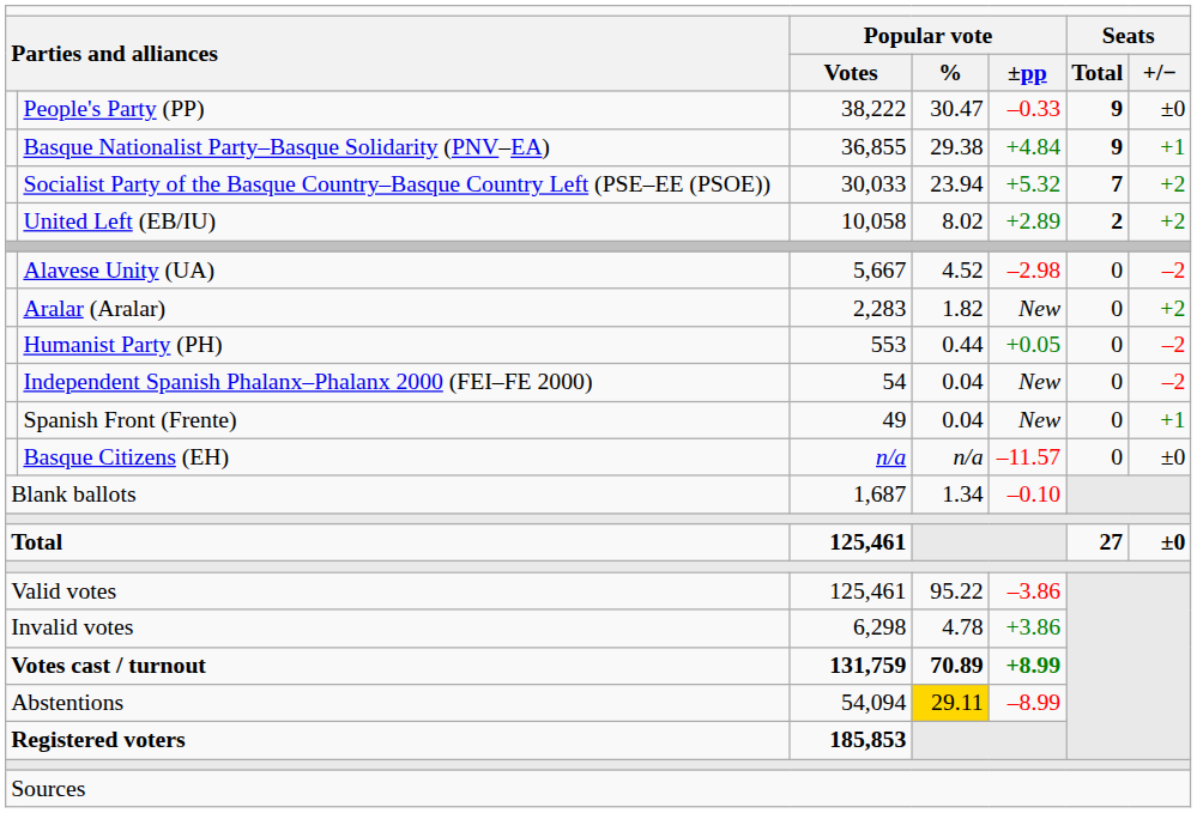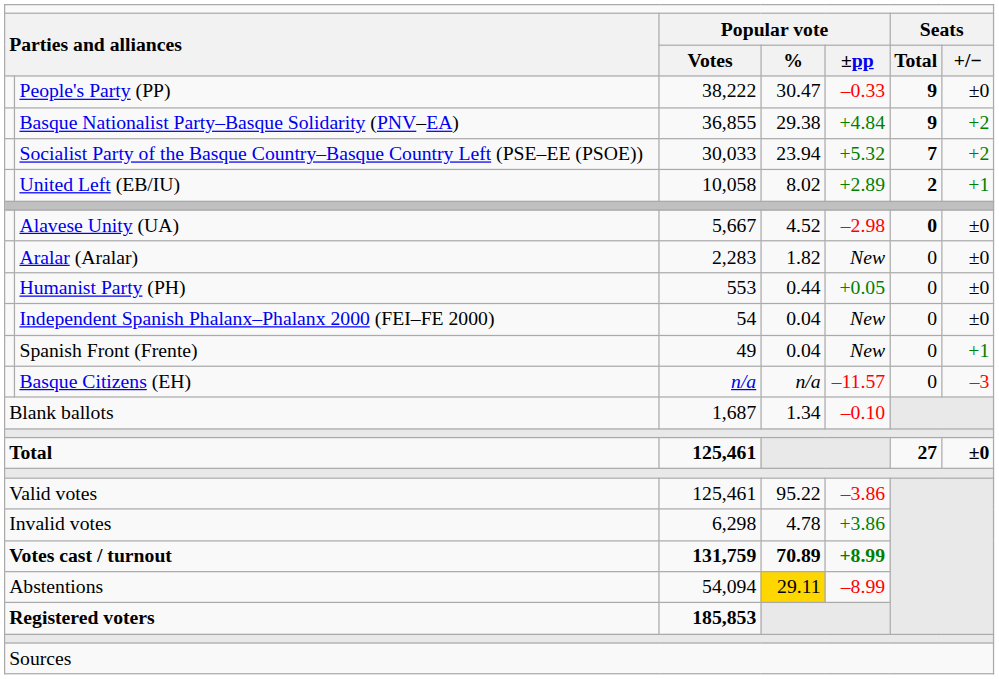 <table class="wikitable" style="text-align:right;">
 <tr>
 <td colspan="7"></td>
 </tr>
 <tr>
 <th style="text-align:left;" rowspan="2" colspan="2" width="525">Parties and alliances</th>
 <th colspan="3">Popular vote</th>
 <th colspan="2">Seats</th>
 </tr>
 <tr>
 <th width="75">Votes</th>
 <th width="45">%</th>
 <th width="45">±<a href='#'>pp</a></th>
 <th width="35">Total</th>
 <th width="35">+/−</th>
 </tr>
 <tr>
 <td width="1" style="color:inherit;background:"></td>
 <td align="left"><a href='#'>People's Party</a> (PP)</td>
 <td>38,222</td>
 <td>30.47</td>
 <td style="color:red;">–0.33</td>
 <td><strong>9</strong></td>
 <td>±0</td>
 </tr>
 <tr>
 <td style="color:inherit;background:"></td>
 <td align="left"><a href='#'>Basque Nationalist Party–Basque Solidarity</a> (<a href='#'>PNV</a>–<a href='#'>EA</a>)</td>
 <td>36,855</td>
 <td>29.38</td>
 <td style="color:green;">+4.84</td>
 <td><strong>9</strong></td>
-<td style="color:green;">+1</td>
+<td style="color:green;">+2</td>
 </tr>
 <tr>
 <td style="color:inherit;background:"></td>
 <td align="left"><a href='#'>Socialist Party of the Basque Country–Basque Country Left</a> (PSE–EE (PSOE))</td>
 <td>30,033</td>
 <td>23.94</td>
 <td style="color:green;">+5.32</td>
 <td><strong>7</strong></td>
 <td style="color:green;">+2</td>
 </tr>
 <tr>
 <td style="color:inherit;background:"></td>
 <td align="left"><a href='#'>United Left</a> (EB/IU)</td>
 <td>10,058</td>
 <td>8.02</td>
 <td style="color:green;">+2.89</td>
 <td><strong>2</strong></td>
-<td style="color:green;">+2</td>
+<td style="color:green;">+1</td>
 </tr>
 <tr>
 <td colspan="7" style="color:inherit;background:#C0C0C0"></td>
 </tr>
 <tr>
 <td style="color:inherit;background:"></td>
 <td align="left"><a href='#'>Alavese Unity</a> (UA)</td>
 <td>5,667</td>
 <td>4.52</td>
 <td style="color:red;">–2.98</td>
-<td>0</td>
-<td style="color:red;">–2</td>
+<td><strong>0</strong></td>
+<td>±0</td>
 </tr>
 <tr>
 <td style="color:inherit;background:"></td>
 <td align="left"><a href='#'>Aralar</a> (Aralar)</td>
 <td>2,283</td>
 <td>1.82</td>
 <td><em>New</em></td>
 <td>0</td>
-<td style="color:green;">+2</td>
+<td>±0</td>
 </tr>
 <tr>
 <td style="color:inherit;background:"></td>
 <td align="left"><a href='#'>Humanist Party</a> (PH)</td>
 <td>553</td>
 <td>0.44</td>
 <td style="color:green;">+0.05</td>
 <td>0</td>
-<td style="color:red;">–2</td>
+<td>±0</td>
 </tr>
 <tr>
 <td style="color:inherit;background:"></td>
 <td align="left"><a href='#'>Independent Spanish Phalanx–Phalanx 2000</a> (FEI–FE 2000)</td>
 <td>54</td>
 <td>0.04</td>
 <td><em>New</em></td>
 <td>0</td>
-<td style="color:red;">–2</td>
+<td>±0</td>
 </tr>
 <tr>
 <td style="color:inherit;background:"></td>
 <td align="left">Spanish Front (Frente)</td>
 <td>49</td>
 <td>0.04</td>
 <td><em>New</em></td>
 <td>0</td>
 <td style="color:green;">+1</td>
 </tr>
 <tr>
 <td style="color:inherit;background:"></td>
 <td align="left"><a href='#'>Basque Citizens</a> (EH)</td>
 <td><em><a href='#'>n/a</a></em></td>
 <td><em>n/a</em></td>
 <td style="color:red;">–11.57</td>
 <td>0</td>
-<td>±0</td>
+<td style="color:red;">–3</td>
 </tr>
 <tr>
 <td align="left" colspan="2">Blank ballots</td>
 <td>1,687</td>
 <td>1.34</td>
 <td style="color:red;">–0.10</td>
 <td style="color:inherit;background:#E9E9E9" colspan="2"></td>
 </tr>
 <tr>
 <td colspan="7" style="color:inherit;background:#E9E9E9"></td>
 </tr>
 <tr style="font-weight:bold;">
 <td align="left" colspan="2">Total</td>
 <td>125,461</td>
 <td bgcolor="#E9E9E9" colspan="2"></td>
 <td>27</td>
 <td>±0</td>
 </tr>
 <tr>
 <td colspan="7" style="color:inherit;background:#E9E9E9"></td>
 </tr>
 <tr>
 <td align="left" colspan="2">Valid votes</td>
 <td>125,461</td>
 <td>95.22</td>
 <td style="color:red;">–3.86</td>
 <td bgcolor="#E9E9E9" colspan="2" rowspan="5"></td>
 </tr>
 <tr>
 <td align="left" colspan="2">Invalid votes</td>
 <td>6,298</td>
 <td>4.78</td>
 <td style="color:green;">+3.86</td>
 </tr>
 <tr style="font-weight:bold;">
 <td align="left" colspan="2">Votes cast / turnout</td>
 <td>131,759</td>
 <td>70.89</td>
 <td style="color:green;">+8.99</td>
 </tr>
 <tr>
 <td align="left" colspan="2">Abstentions</td>
 <td>54,094</td>
 <td style="background: gold;">29.11</td>
 <td style="color:red;">–8.99</td>
 </tr>
 <tr style="font-weight:bold;">
 <td align="left" colspan="2">Registered voters</td>
 <td>185,853</td>
 <td bgcolor="#E9E9E9" colspan="2"></td>
 </tr>
 <tr>
 <td colspan="7" style="color:inherit;background:#E9E9E9"></td>
 </tr>
 <tr>
 <td align="left" colspan="7">Sources</td>
 </tr>
 </table>
